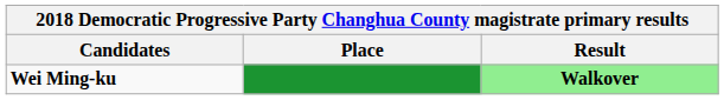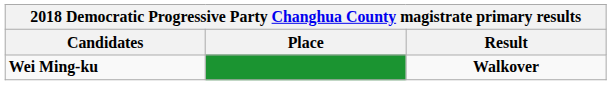 <table class="wikitable collapsible" style="margin: 1em auto;">
 <tr>
 <th colspan="5" width=600>2018 Democratic Progressive Party <a href='#'>Changhua County</a> magistrate primary results</th>
 </tr>
 <tr>
 <th width=80>Candidates</th>
 <th width=80>Place</th>
 <th width=80>Result</th>
 </tr>
 <tr>
 <td><strong>Wei Ming-ku</strong></td>
 <td style="background: #1B9431; text-align:center"><strong></strong></td>
-<td style="background: lightgreen; text-align:center"><strong>Walkover</strong></td>
+<td style="text-align:center"><strong>Walkover</strong></td>
 </tr>
 </table>
